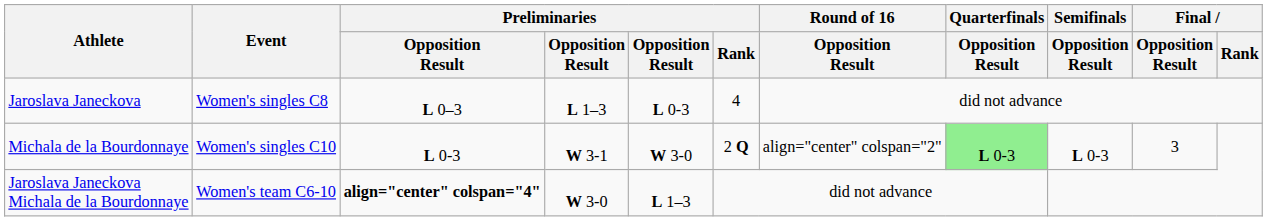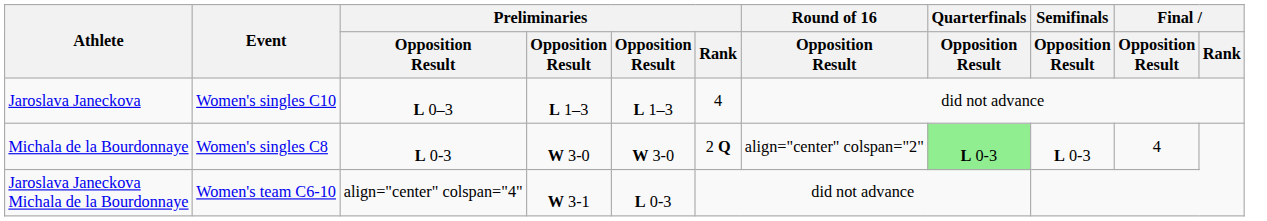 <table class=wikitable style="font-size:90%">
 <tr>
 <th rowspan="2">Athlete</th>
 <th rowspan="2">Event</th>
 <th colspan="4">Preliminaries</th>
 <th>Round of 16</th>
 <th>Quarterfinals</th>
 <th>Semifinals</th>
 <th colspan="2">Final / </th>
 </tr>
 <tr>
 <th>Opposition<br>Result</th>
 <th>Opposition<br>Result</th>
 <th>Opposition<br>Result</th>
 <th>Rank</th>
 <th>Opposition<br>Result</th>
 <th>Opposition<br>Result</th>
 <th>Opposition<br>Result</th>
 <th>Opposition<br>Result</th>
 <th>Rank</th>
 </tr>
 <tr>
 <td><a href='#'>Jaroslava Janeckova</a></td>
-<td><a href='#'>Women's singles C8</a></td>
+<td><a href='#'>Women's singles C10</a></td>
 <td align="center"><br><strong>L</strong> 0–3</td>
 <td align="center"><br><strong>L</strong> 1–3</td>
-<td align="center"><br><strong>L</strong> 0-3</td>
+<td align="center"><br><strong>L</strong> 1–3</td>
 <td align="center">4</td>
 <td align="center" colspan="5">did not advance</td>
 </tr>
 <tr>
 <td><a href='#'>Michala de la Bourdonnaye</a></td>
-<td><a href='#'>Women's singles C10</a></td>
+<td><a href='#'>Women's singles C8</a></td>
 <td align="center"><br><strong>L</strong> 0-3</td>
-<td align="center"><br><strong>W</strong> 3-1</td>
+<td align="center"><br><strong>W</strong> 3-0</td>
 <td align="center"><br><strong>W</strong> 3-0</td>
 <td align="center">2 <strong>Q</strong></td>
 <td>align="center" colspan="2" </td>
 <td align="center" style="background: lightgreen;"><br><strong>L</strong> 0-3</td>
 <td align="center"><br><strong>L</strong> 0-3</td>
-<td align="center">3</td>
+<td align="center">4</td>
 </tr>
 <tr>
 <td><a href='#'>Jaroslava Janeckova</a><br> <a href='#'>Michala de la Bourdonnaye</a></td>
 <td><a href='#'>Women's team C6-10</a></td>
-<td><strong>align="center" colspan="4" </strong></td>
-<td align="center"><br><strong>W</strong> 3-0</td>
-<td align="center"><br><strong>L</strong> 1–3</td>
+<td>align="center" colspan="4" </td>
+<td align="center"><br><strong>W</strong> 3-1</td>
+<td align="center"><br><strong>L</strong> 0-3</td>
 <td align="center" colspan="3">did not advance</td>
 </tr>
 </table>
